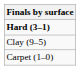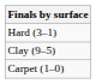 <table class=wikitable style=font-size:90%>
 <tr>
 <th>Finals by surface</th>
 </tr>
 <tr>
-<td><strong>Hard (3–1)</strong></td>
+<td>Hard (3–1)</td>
 </tr>
 <tr>
 <td>Clay (9–5)</td>
 </tr>
 <tr>
 <td>Carpet (1–0)</td>
 </tr>
 </table>
